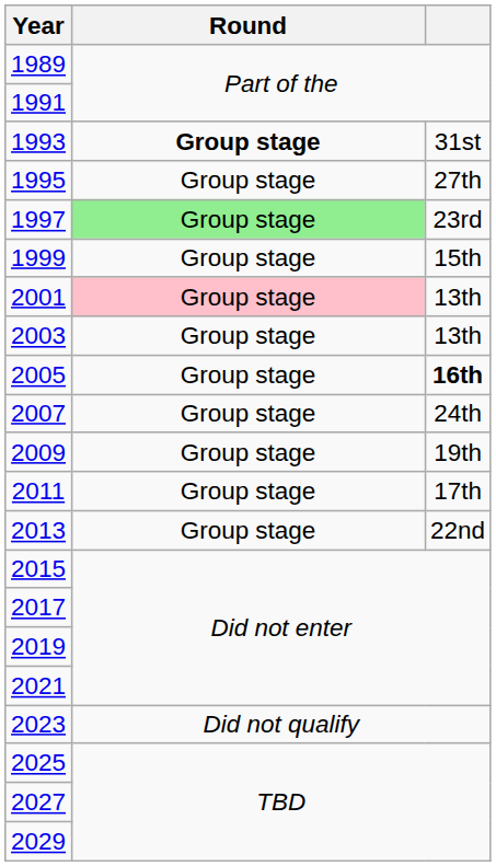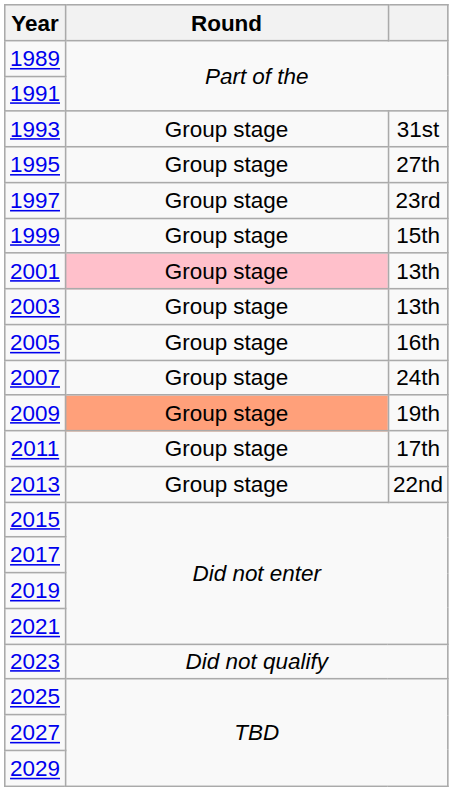 <table class="wikitable" style="text-align: center; font-size:90%">
 <tr>
 <th>Year</th>
 <th style="width:200px">Round</th>
 <th></th>
 </tr>
 <tr>
 <td><a href='#'>1989</a></td>
 <td colspan="2" rowspan="2"><em>Part of the </em></td>
 </tr>
 <tr>
 <td><a href='#'>1991</a></td>
 </tr>
 <tr>
 <td><a href='#'>1993</a></td>
-<td><strong>Group stage</strong></td>
+<td>Group stage</td>
 <td>31st</td>
 </tr>
 <tr>
 <td><a href='#'>1995</a></td>
 <td>Group stage</td>
 <td>27th</td>
 </tr>
 <tr>
 <td><a href='#'>1997</a></td>
-<td style="background: lightgreen;">Group stage</td>
+<td>Group stage</td>
 <td>23rd</td>
 </tr>
 <tr>
 <td><a href='#'>1999</a></td>
 <td>Group stage</td>
 <td>15th</td>
 </tr>
 <tr>
 <td><a href='#'>2001</a></td>
 <td style="background: pink;">Group stage</td>
 <td>13th</td>
 </tr>
 <tr>
 <td><a href='#'>2003</a></td>
 <td>Group stage</td>
 <td>13th</td>
 </tr>
 <tr>
 <td><a href='#'>2005</a></td>
 <td>Group stage</td>
-<td><strong>16th</strong></td>
+<td>16th</td>
 </tr>
 <tr>
 <td><a href='#'>2007</a></td>
 <td>Group stage</td>
 <td>24th</td>
 </tr>
 <tr>
 <td><a href='#'>2009</a></td>
-<td>Group stage</td>
+<td style="background: lightsalmon;">Group stage</td>
 <td>19th</td>
 </tr>
 <tr>
 <td><a href='#'>2011</a></td>
 <td>Group stage</td>
 <td>17th</td>
 </tr>
 <tr>
 <td><a href='#'>2013</a></td>
 <td>Group stage</td>
 <td>22nd</td>
 </tr>
 <tr>
 <td><a href='#'>2015</a></td>
 <td colspan="2" rowspan="4"><em>Did not enter</em></td>
 </tr>
 <tr>
 <td><a href='#'>2017</a></td>
 </tr>
 <tr>
 <td><a href='#'>2019</a></td>
 </tr>
 <tr>
 <td><a href='#'>2021</a></td>
 </tr>
 <tr>
 <td><a href='#'>2023</a></td>
 <td colspan="2"><em>Did not qualify</em></td>
 </tr>
 <tr>
 <td><a href='#'>2025</a></td>
 <td colspan="2" rowspan="3"><em>TBD</em></td>
 </tr>
 <tr>
 <td><a href='#'>2027</a></td>
 </tr>
 <tr>
 <td><a href='#'>2029</a></td>
 </tr>
 </table>
